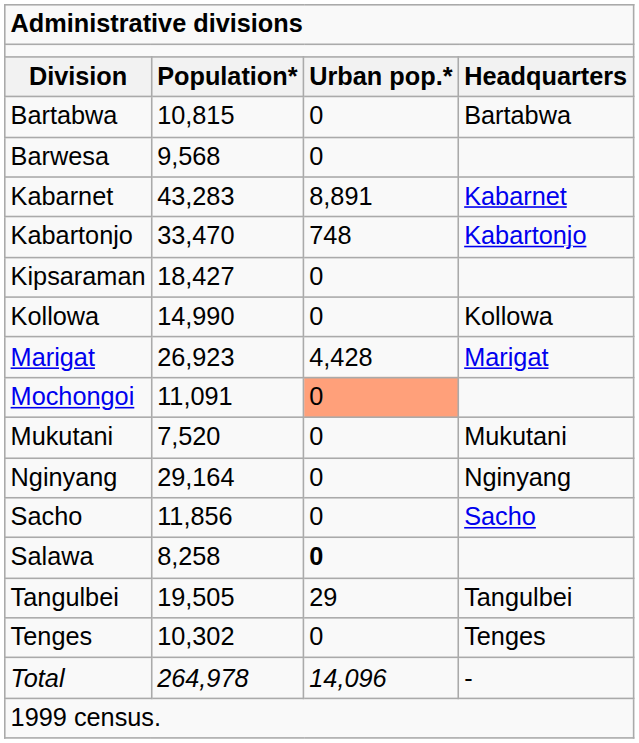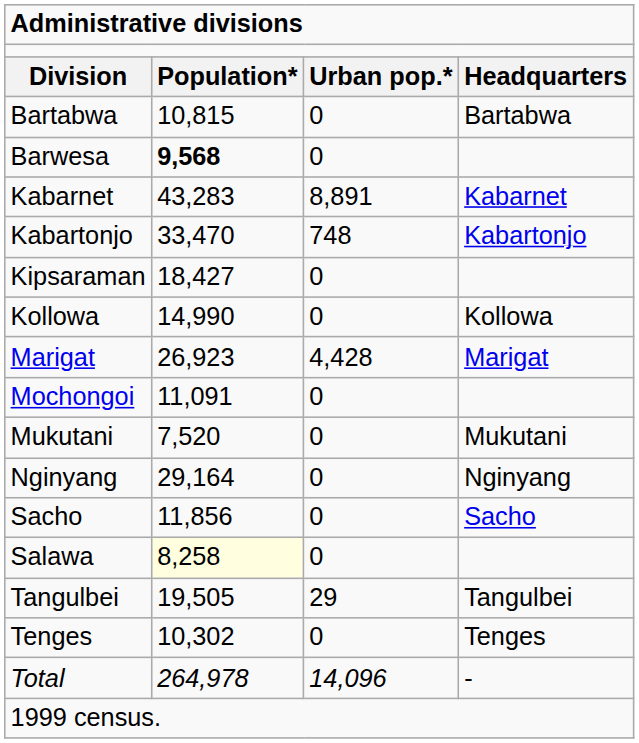 <table class="wikitable">
 <tr>
 <td colspan="4"><strong>Administrative divisions</strong></td>
 </tr>
 <tr>
 <td colspan="4"></td>
 </tr>
 <tr>
 <th>Division</th>
 <th>Population*</th>
 <th>Urban pop.*</th>
 <th>Headquarters</th>
 </tr>
 <tr>
 <td>Bartabwa</td>
 <td>10,815</td>
 <td>0</td>
 <td>Bartabwa</td>
 </tr>
 <tr>
 <td>Barwesa</td>
-<td>9,568</td>
+<td><strong>9,568</strong></td>
 <td>0</td>
 <td></td>
 </tr>
 <tr>
 <td>Kabarnet</td>
 <td>43,283</td>
 <td>8,891</td>
 <td><a href='#'>Kabarnet</a></td>
 </tr>
 <tr>
 <td>Kabartonjo</td>
 <td>33,470</td>
 <td>748</td>
 <td><a href='#'>Kabartonjo</a></td>
 </tr>
 <tr>
 <td>Kipsaraman</td>
 <td>18,427</td>
 <td>0</td>
 <td></td>
 </tr>
 <tr>
 <td>Kollowa</td>
 <td>14,990</td>
 <td>0</td>
 <td>Kollowa</td>
 </tr>
 <tr>
 <td><a href='#'>Marigat</a></td>
 <td>26,923</td>
 <td>4,428</td>
 <td><a href='#'>Marigat</a></td>
 </tr>
 <tr>
 <td><a href='#'>Mochongoi</a></td>
 <td>11,091</td>
-<td style="background: lightsalmon;">0</td>
+<td>0</td>
 <td></td>
 </tr>
 <tr>
 <td>Mukutani</td>
 <td>7,520</td>
 <td>0</td>
 <td>Mukutani</td>
 </tr>
 <tr>
 <td>Nginyang</td>
 <td>29,164</td>
 <td>0</td>
 <td>Nginyang</td>
 </tr>
 <tr>
 <td>Sacho</td>
 <td>11,856</td>
 <td>0</td>
 <td><a href='#'>Sacho</a></td>
 </tr>
 <tr>
 <td>Salawa</td>
-<td>8,258</td>
-<td><strong>0</strong></td>
+<td style="background: lightyellow;">8,258</td>
+<td>0</td>
 <td></td>
 </tr>
 <tr>
 <td>Tangulbei</td>
 <td>19,505</td>
 <td>29</td>
 <td>Tangulbei</td>
 </tr>
 <tr>
 <td>Tenges</td>
 <td>10,302</td>
 <td>0</td>
 <td>Tenges</td>
 </tr>
 <tr>
 <td><em>Total</em></td>
 <td><em>264,978</em></td>
 <td><em>14,096</em></td>
 <td>-</td>
 </tr>
 <tr>
 <td colspan="4">1999 census.</td>
 </tr>
 </table>
